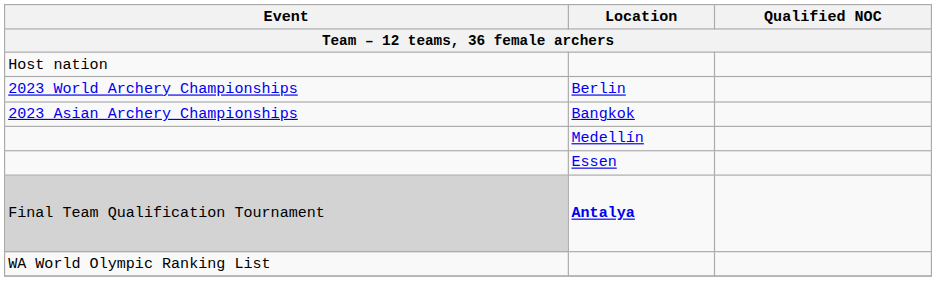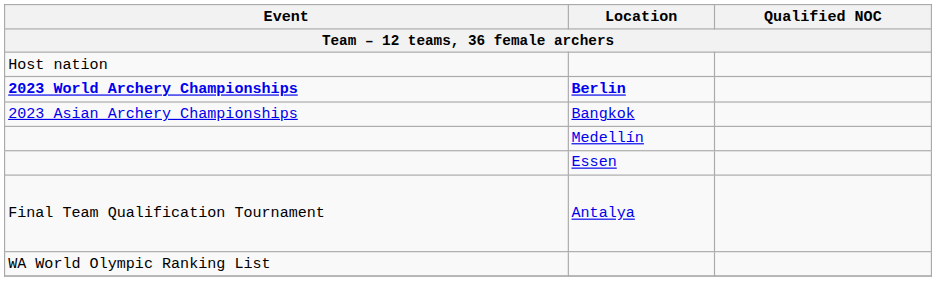 <table class="wikitable" width=800>
 <tr>
 <th>Event</th>
 <th width=120>Location</th>
 <th>Qualified NOC</th>
 </tr>
 <tr style="font-size:95%;">
 <th colspan=5>Team – 12 teams, 36 female archers</th>
 </tr>
 <tr>
 <td>Host nation</td>
 <td></td>
 <td></td>
 </tr>
 <tr>
-<td><a href='#'>2023 World Archery Championships</a></td>
-<td> <a href='#'>Berlin</a></td>
+<td><strong><a href='#'>2023 World Archery Championships</a></strong></td>
+<td><strong> <a href='#'>Berlin</a></strong></td>
 <td><br></td>
 </tr>
 <tr>
 <td><a href='#'>2023 Asian Archery Championships</a></td>
 <td> <a href='#'>Bangkok</a></td>
 <td></td>
 </tr>
 <tr>
 <td></td>
 <td> <a href='#'>Medellín</a></td>
 <td></td>
 </tr>
 <tr>
 <td></td>
 <td> <a href='#'>Essen</a></td>
 <td></td>
 </tr>
 <tr>
-<td style="background: lightgrey;">Final Team Qualification Tournament</td>
-<td><strong> <a href='#'>Antalya</a></strong></td>
+<td>Final Team Qualification Tournament</td>
+<td> <a href='#'>Antalya</a></td>
 <td><br><br><br> </td>
 </tr>
 <tr>
 <td>WA World Olympic Ranking List</td>
 <td></td>
 <td><br></td>
 </tr>
 <tr style="font-size:95%;">
 </tr>
 </table>
